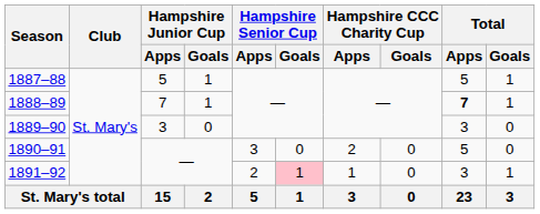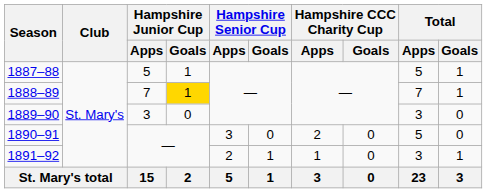 <table class="wikitable" style="text-align:center">
 <tr>
 <th rowspan="2">Season</th>
 <th rowspan="2">Club</th>
 <th colspan="2">Hampshire<br>Junior Cup</th>
 <th colspan="2"><a href='#'>Hampshire<br>Senior Cup</a></th>
 <th colspan="2">Hampshire CCC<br>Charity Cup</th>
 <th colspan="2">Total</th>
 </tr>
 <tr>
 <th>Apps</th>
 <th>Goals</th>
 <th>Apps</th>
 <th>Goals</th>
 <th>Apps</th>
 <th>Goals</th>
 <th>Apps</th>
 <th>Goals</th>
 </tr>
 <tr>
 <td><a href='#'>1887–88</a></td>
 <td rowspan="5"><a href='#'>St. Mary's</a></td>
 <td>5</td>
 <td>1</td>
 <td colspan="2" rowspan="3">—</td>
 <td colspan="2" rowspan="3">—</td>
 <td>5</td>
 <td>1</td>
 </tr>
 <tr>
 <td><a href='#'>1888–89</a></td>
 <td>7</td>
-<td>1</td>
-<td><strong>7</strong></td>
+<td style="background: gold;">1</td>
+<td>7</td>
 <td>1</td>
 </tr>
 <tr>
 <td><a href='#'>1889–90</a></td>
 <td>3</td>
 <td>0</td>
 <td>3</td>
 <td>0</td>
 </tr>
 <tr>
 <td><a href='#'>1890–91</a></td>
 <td colspan="2" rowspan="2">—</td>
 <td>3</td>
 <td>0</td>
 <td>2</td>
 <td>0</td>
 <td>5</td>
 <td>0</td>
 </tr>
 <tr>
 <td><a href='#'>1891–92</a></td>
 <td>2</td>
-<td style="background: pink;">1</td>
+<td>1</td>
 <td>1</td>
 <td>0</td>
 <td>3</td>
 <td>1</td>
 </tr>
 <tr>
 <th colspan="2">St. Mary's total</th>
 <th>15</th>
 <th>2</th>
 <th>5</th>
 <th>1</th>
 <th>3</th>
 <th>0</th>
 <th>23</th>
 <th>3</th>
 </tr>
 </table>
